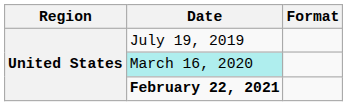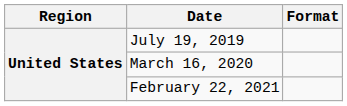 <table class="wikitable plainrowheaders">
 <tr>
 <th scope="col">Region</th>
 <th scope="col">Date</th>
 <th scope="col">Format</th>
 </tr>
 <tr>
 <th scope="row" rowspan="3">United States</th>
 <td>July 19, 2019</td>
 <td></td>
 </tr>
 <tr>
-<td style="background: paleturquoise;">March 16, 2020</td>
+<td>March 16, 2020</td>
 <td></td>
 </tr>
 <tr>
-<td><strong>February 22, 2021</strong></td>
+<td>February 22, 2021</td>
 <td></td>
 </tr>
 </table>
